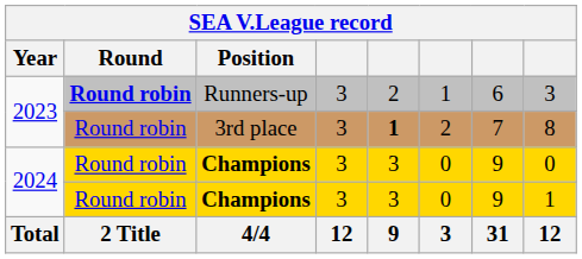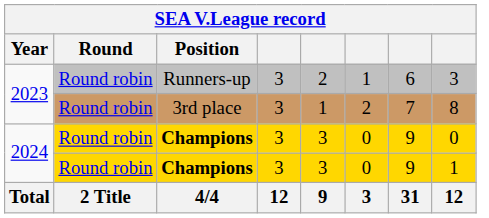 <table class="wikitable" style="text-align: center;">
 <tr>
 <th colspan=9><a href='#'>SEA V.League record</a></th>
 </tr>
 <tr>
 <th>Year</th>
 <th>Round</th>
 <th>Position</th>
 <th width=30></th>
 <th width=30></th>
 <th width=30></th>
 <th width=30></th>
 <th width=30></th>
 </tr>
 <tr>
 <td rowspan=2>  <a href='#'>2023</a></td>
-<td bgcolor=silver><strong><a href='#'>Round robin</a></strong></td>
+<td bgcolor=silver><a href='#'>Round robin</a></td>
 <td bgcolor=silver>Runners-up</td>
 <td bgcolor=silver>3</td>
 <td bgcolor=silver>2</td>
 <td bgcolor=silver>1</td>
 <td bgcolor=silver>6</td>
 <td bgcolor=silver>3</td>
 </tr>
 <tr>
 <td bgcolor=cc9966><a href='#'>Round robin</a></td>
 <td bgcolor=cc9966>3rd place</td>
 <td bgcolor=cc9966>3</td>
-<td bgcolor=cc9966><strong>1</strong></td>
+<td bgcolor=cc9966>1</td>
 <td bgcolor=cc9966>2</td>
 <td bgcolor=cc9966>7</td>
 <td bgcolor=cc9966>8</td>
 </tr>
 <tr>
 <td rowspan=2>  <a href='#'>2024</a></td>
 <td bgcolor=gold><a href='#'>Round robin</a></td>
 <td bgcolor=gold><strong>Champions</strong></td>
 <td bgcolor=gold>3</td>
 <td bgcolor=gold>3</td>
 <td bgcolor=gold>0</td>
 <td bgcolor=gold>9</td>
 <td bgcolor=gold>0</td>
 </tr>
 <tr>
 <td bgcolor=gold><a href='#'>Round robin</a></td>
 <td bgcolor=gold><strong>Champions</strong></td>
 <td bgcolor=gold>3</td>
 <td bgcolor=gold>3</td>
 <td bgcolor=gold>0</td>
 <td bgcolor=gold>9</td>
 <td bgcolor=gold>1</td>
 </tr>
 <tr>
 <th>Total</th>
 <th>2 Title</th>
 <th>4/4</th>
 <th>12</th>
 <th>9</th>
 <th>3</th>
 <th>31</th>
 <th>12</th>
 </tr>
 </table>
